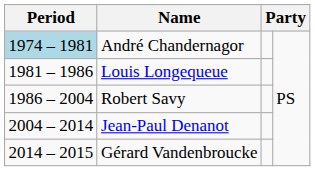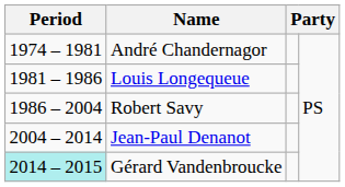 <table class="wikitable">
 <tr>
 <th>Period</th>
 <th>Name</th>
 <th colspan="2">Party</th>
 </tr>
 <tr>
-<td style="background: lightblue;">1974 – 1981</td>
+<td>1974 – 1981</td>
 <td>André Chandernagor</td>
 <td></td>
 <td rowspan="5">PS</td>
 </tr>
 <tr>
 <td>1981 – 1986</td>
 <td><a href='#'>Louis Longequeue</a></td>
 <td></td>
 </tr>
 <tr>
 <td>1986 – 2004</td>
 <td>Robert Savy</td>
 <td></td>
 </tr>
 <tr>
 <td>2004 – 2014</td>
 <td><a href='#'>Jean-Paul Denanot</a></td>
 <td></td>
 </tr>
 <tr>
-<td>2014 – 2015</td>
+<td style="background: paleturquoise;">2014 – 2015</td>
 <td>Gérard Vandenbroucke</td>
 <td></td>
 </tr>
 </table>
